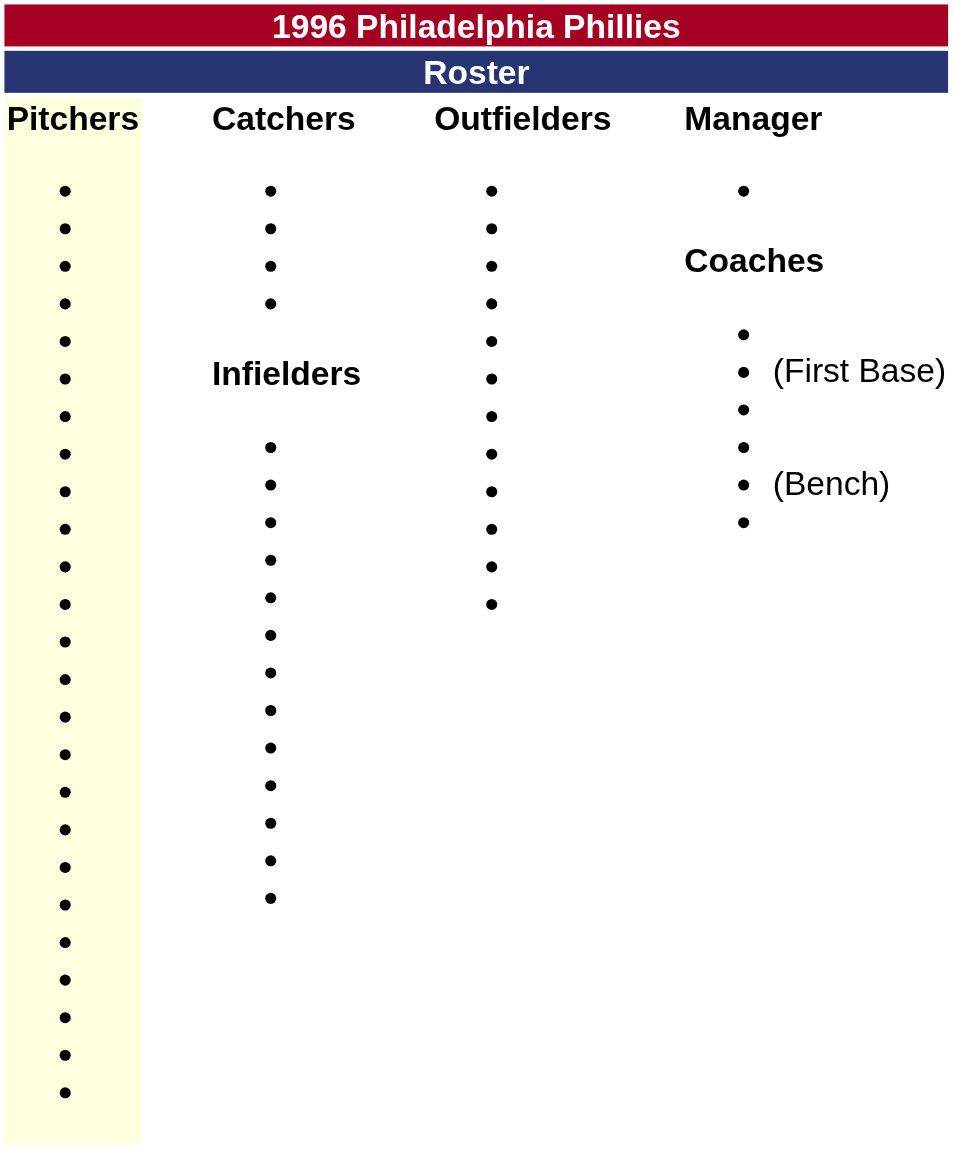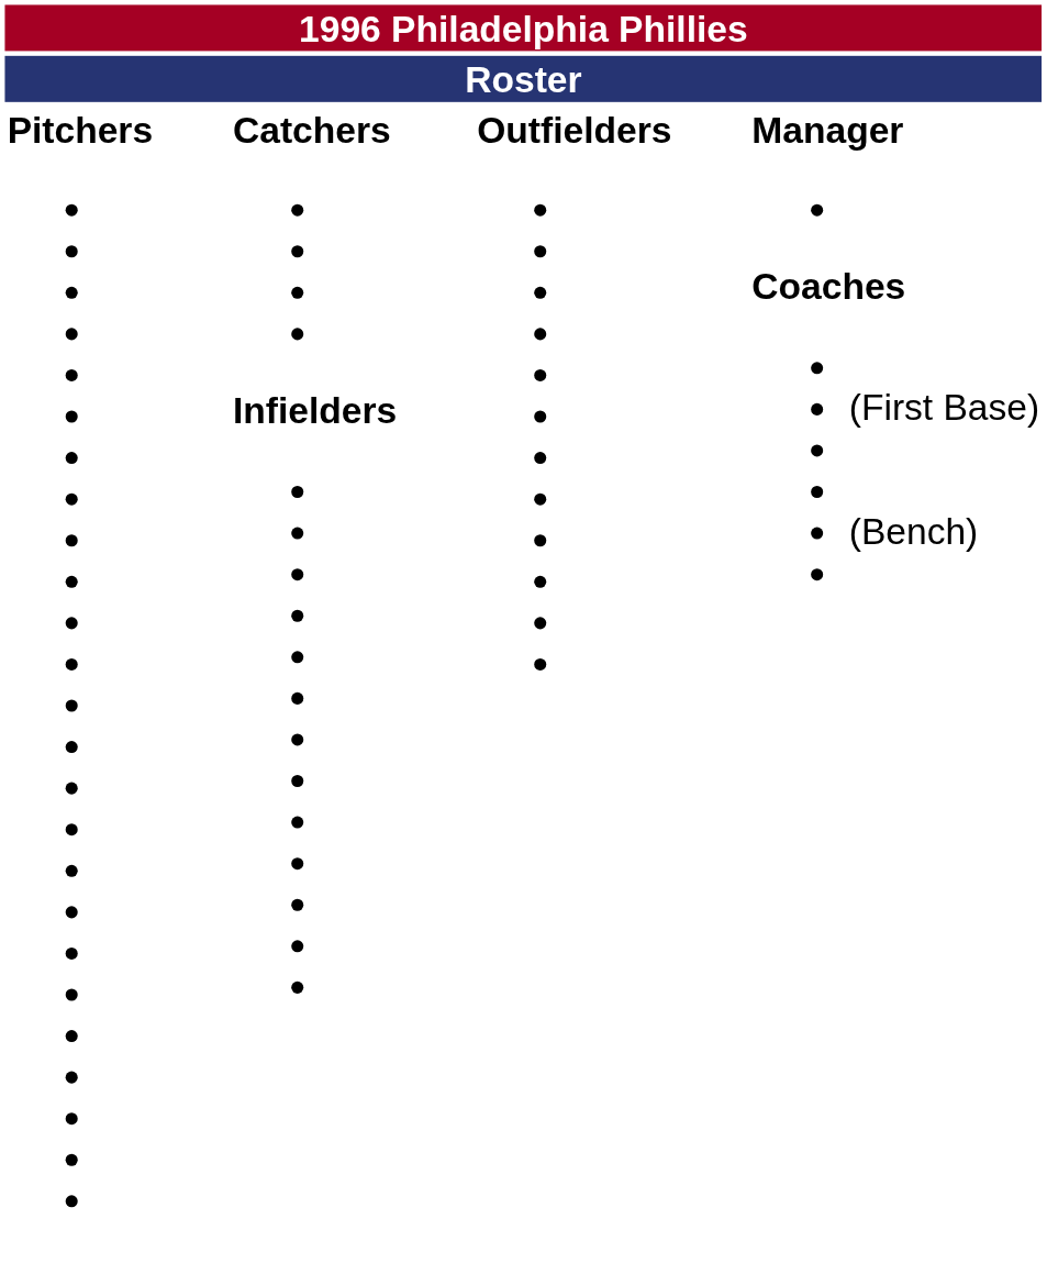 <table class="toccolours" style="font-size: 95%;">
 <tr>
 <th colspan="10" style="background-color: #A50024; color: #FFFFFF; text-align: center;">1996 Philadelphia Phillies</th>
 </tr>
 <tr>
 <td colspan="10" style="background-color: #263473; color: white; text-align: center;"><strong>Roster</strong></td>
 </tr>
 <tr>
-<td valign="top" style="background: lightyellow;"><strong>Pitchers</strong><br><ul><li></li><li></li><li></li><li></li><li></li><li></li><li></li><li></li><li></li><li></li><li></li><li></li><li></li><li></li><li></li><li></li><li></li><li></li><li></li><li></li><li></li><li></li><li></li><li></li><li></li></ul></td>
+<td valign="top"><strong>Pitchers</strong><br><ul><li></li><li></li><li></li><li></li><li></li><li></li><li></li><li></li><li></li><li></li><li></li><li></li><li></li><li></li><li></li><li></li><li></li><li></li><li></li><li></li><li></li><li></li><li></li><li></li><li></li></ul></td>
 <td width="25px"></td>
 <td valign="top"><strong>Catchers</strong><br><ul><li></li><li></li><li></li><li></li></ul><strong>Infielders</strong><ul><li></li><li></li><li></li><li></li><li></li><li></li><li></li><li></li><li></li><li></li><li></li><li></li><li></li></ul></td>
 <td width="25px"></td>
 <td valign="top"><strong>Outfielders</strong><br><ul><li></li><li></li><li></li><li></li><li></li><li></li><li></li><li></li><li></li><li></li><li></li><li></li></ul></td>
 <td width="25px"></td>
 <td valign="top"><strong>Manager</strong><br><ul><li></li></ul><strong>Coaches</strong><ul><li></li><li> (First Base)</li><li></li><li></li><li> (Bench)</li><li></li></ul></td>
 </tr>
 <tr>
 </tr>
 </table>
